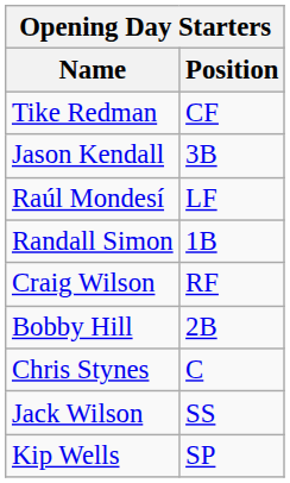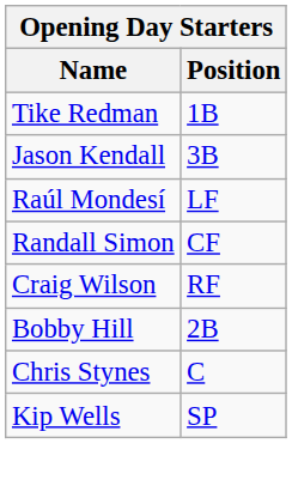 <table class="wikitable" style="text-align:left">
 <tr>
 <th colspan="2">Opening Day Starters</th>
 </tr>
 <tr>
 <th>Name</th>
 <th>Position</th>
 </tr>
 <tr>
 <td><a href='#'>Tike Redman</a></td>
-<td><a href='#'>CF</a></td>
+<td><a href='#'>1B</a></td>
 </tr>
 <tr>
 <td><a href='#'>Jason Kendall</a></td>
 <td><a href='#'>3B</a></td>
 </tr>
 <tr>
 <td><a href='#'>Raúl Mondesí</a></td>
 <td><a href='#'>LF</a></td>
 </tr>
 <tr>
 <td><a href='#'>Randall Simon</a></td>
-<td><a href='#'>1B</a></td>
+<td><a href='#'>CF</a></td>
 </tr>
 <tr>
 <td><a href='#'>Craig Wilson</a></td>
 <td><a href='#'>RF</a></td>
 </tr>
 <tr>
 <td><a href='#'>Bobby Hill</a></td>
 <td><a href='#'>2B</a></td>
 </tr>
 <tr>
 <td><a href='#'>Chris Stynes</a></td>
 <td><a href='#'>C</a></td>
 </tr>
 <tr>
-<td><a href='#'>Jack Wilson</a></td>
-<td><a href='#'>SS</a></td>
-</tr>
-<tr>
 <td><a href='#'>Kip Wells</a></td>
 <td><a href='#'>SP</a></td>
 </tr>
 </table>
